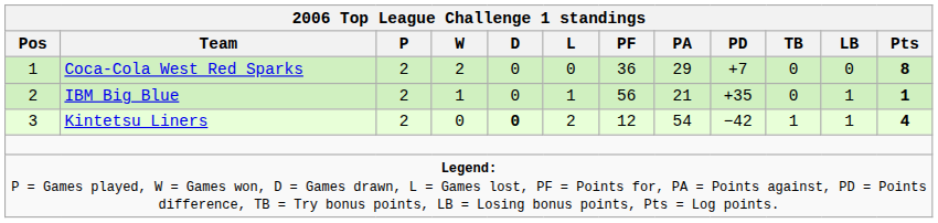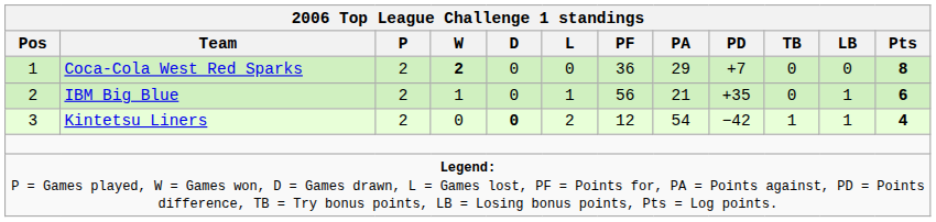 <table class="wikitable" style="text-align:center; font-size:100%; width:60%;">
 <tr>
 <th colspan="100%" cellpadding="0" cellspacing="0"><strong>2006 Top League Challenge 1 standings</strong></th>
 </tr>
 <tr>
 <th style="width:6%;">Pos</th>
 <th style="width:34%;">Team</th>
 <th style="width:6%;">P</th>
 <th style="width:6%;">W</th>
 <th style="width:6%;">D</th>
 <th style="width:6%;">L</th>
 <th style="width:6%;">PF</th>
 <th style="width:6%;">PA</th>
 <th style="width:6%;">PD</th>
 <th style="width:6%;">TB</th>
 <th style="width:6%;">LB</th>
 <th style="width:6%;">Pts<br></th>
 </tr>
 <tr style="background:#D0F0C0;">
 <td>1</td>
 <td style="text-align:left;"><a href='#'>Coca-Cola West Red Sparks</a></td>
 <td>2</td>
-<td>2</td>
+<td><strong>2</strong></td>
 <td>0</td>
 <td>0</td>
 <td>36</td>
 <td>29</td>
 <td>+7</td>
 <td>0</td>
 <td>0</td>
 <td><strong>8</strong></td>
 </tr>
 <tr style="background:#D0F0C0;">
 <td>2</td>
 <td style="text-align:left;"><a href='#'>IBM Big Blue</a></td>
 <td>2</td>
 <td>1</td>
 <td>0</td>
 <td>1</td>
 <td>56</td>
 <td>21</td>
 <td>+35</td>
 <td>0</td>
 <td>1</td>
-<td><strong>1</strong></td>
+<td><strong>6</strong></td>
 </tr>
 <tr style="background:#E8FFD8;">
 <td>3</td>
 <td style="text-align:left;"><a href='#'>Kintetsu Liners</a></td>
 <td>2</td>
 <td>0</td>
 <td><strong>0</strong></td>
 <td>2</td>
 <td>12</td>
 <td>54</td>
 <td>−42</td>
 <td>1</td>
 <td>1</td>
 <td><strong>4</strong></td>
 </tr>
 <tr>
 <td colspan="100%" style="height:10px;"></td>
 </tr>
 <tr>
 <td colspan="100%"><small><strong>Legend:</strong> <br> P = Games played, W = Games won, D = Games drawn, L = Games lost, PF = Points for, PA = Points against, PD = Points difference, TB = Try bonus points, LB = Losing bonus points, Pts = Log points.</small></td>
 </tr>
 </table>
